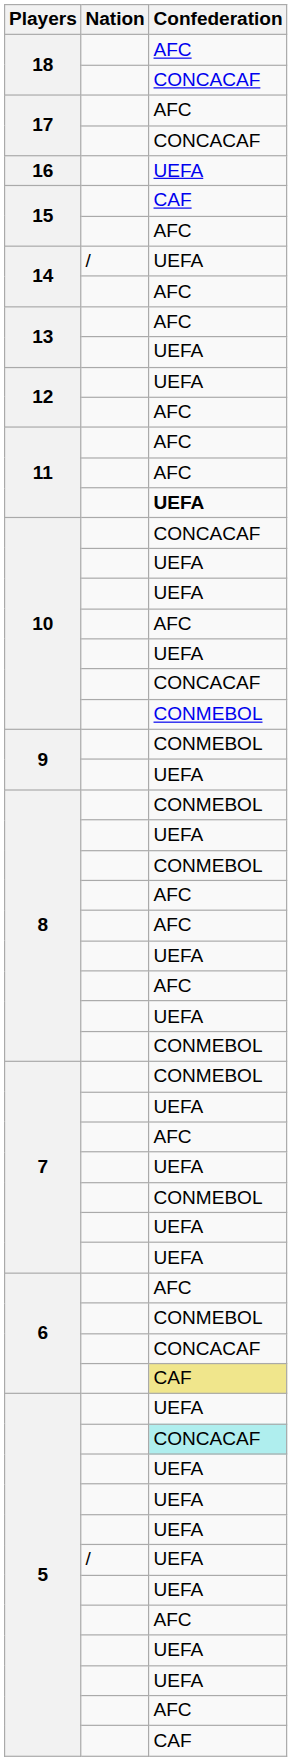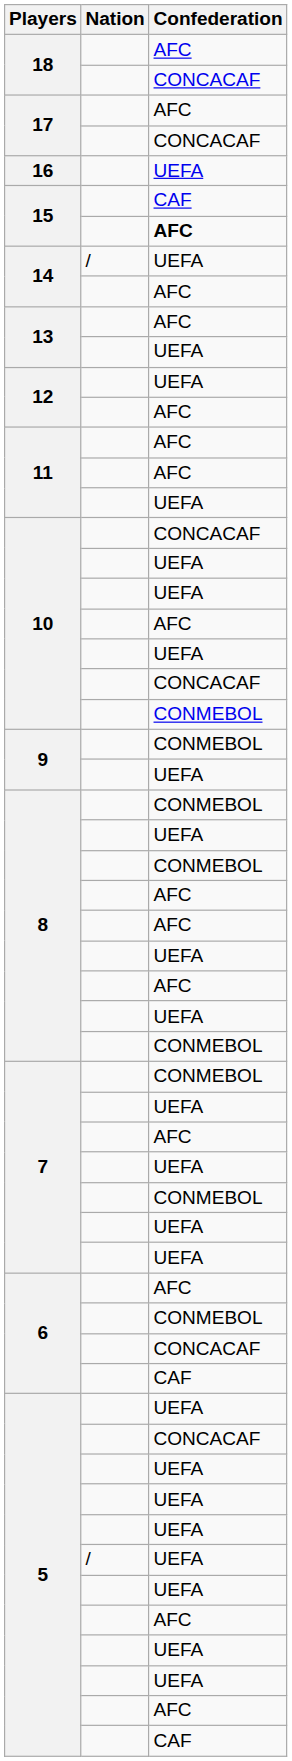 <table class="wikitable sortable sticky-header">
 <tr>
 <th>Players</th>
 <th>Nation</th>
 <th>Confederation</th>
 </tr>
 <tr>
 <th rowspan="2">18</th>
 <td></td>
 <td><a href='#'>AFC</a></td>
 </tr>
 <tr>
 <td></td>
 <td><a href='#'>CONCACAF</a></td>
 </tr>
 <tr>
 <th rowspan="2">17</th>
 <td></td>
 <td>AFC</td>
 </tr>
 <tr>
 <td></td>
 <td>CONCACAF</td>
 </tr>
 <tr>
 <th>16</th>
 <td></td>
 <td><a href='#'>UEFA</a></td>
 </tr>
 <tr>
 <th rowspan="2">15</th>
 <td></td>
 <td><a href='#'>CAF</a></td>
 </tr>
 <tr>
 <td></td>
-<td>AFC</td>
+<td><strong>AFC</strong></td>
 </tr>
 <tr>
 <th rowspan="2">14</th>
 <td> / </td>
 <td>UEFA</td>
 </tr>
 <tr>
 <td></td>
 <td>AFC</td>
 </tr>
 <tr>
 <th rowspan="2">13</th>
 <td></td>
 <td>AFC</td>
 </tr>
 <tr>
 <td></td>
 <td>UEFA</td>
 </tr>
 <tr>
 <th rowspan="2">12</th>
 <td></td>
 <td>UEFA</td>
 </tr>
 <tr>
 <td></td>
 <td>AFC</td>
 </tr>
 <tr>
 <th rowspan="3">11</th>
 <td></td>
 <td>AFC</td>
 </tr>
 <tr>
 <td></td>
 <td>AFC</td>
 </tr>
 <tr>
 <td></td>
-<td><strong>UEFA</strong></td>
+<td>UEFA</td>
 </tr>
 <tr>
 <th rowspan="7">10</th>
 <td></td>
 <td>CONCACAF</td>
 </tr>
 <tr>
 <td></td>
 <td>UEFA</td>
 </tr>
 <tr>
 <td></td>
 <td>UEFA</td>
 </tr>
 <tr>
 <td></td>
 <td>AFC</td>
 </tr>
 <tr>
 <td></td>
 <td>UEFA</td>
 </tr>
 <tr>
 <td></td>
 <td>CONCACAF</td>
 </tr>
 <tr>
 <td></td>
 <td><a href='#'>CONMEBOL</a></td>
 </tr>
 <tr>
 <th rowspan="2">9</th>
 <td></td>
 <td>CONMEBOL</td>
 </tr>
 <tr>
 <td></td>
 <td>UEFA</td>
 </tr>
 <tr>
 <th rowspan="9">8</th>
 <td></td>
 <td>CONMEBOL</td>
 </tr>
 <tr>
 <td></td>
 <td>UEFA</td>
 </tr>
 <tr>
 <td></td>
 <td>CONMEBOL</td>
 </tr>
 <tr>
 <td></td>
 <td>AFC</td>
 </tr>
 <tr>
 <td></td>
 <td>AFC</td>
 </tr>
 <tr>
 <td></td>
 <td>UEFA</td>
 </tr>
 <tr>
 <td></td>
 <td>AFC</td>
 </tr>
 <tr>
 <td></td>
 <td>UEFA</td>
 </tr>
 <tr>
 <td></td>
 <td>CONMEBOL</td>
 </tr>
 <tr>
 <th rowspan="7">7</th>
 <td></td>
 <td>CONMEBOL</td>
 </tr>
 <tr>
 <td></td>
 <td>UEFA</td>
 </tr>
 <tr>
 <td></td>
 <td>AFC</td>
 </tr>
 <tr>
 <td></td>
 <td>UEFA</td>
 </tr>
 <tr>
 <td></td>
 <td>CONMEBOL</td>
 </tr>
 <tr>
 <td></td>
 <td>UEFA</td>
 </tr>
 <tr>
 <td></td>
 <td>UEFA</td>
 </tr>
 <tr>
 <th rowspan="4">6</th>
 <td></td>
 <td>AFC</td>
 </tr>
 <tr>
 <td></td>
 <td>CONMEBOL</td>
 </tr>
 <tr>
 <td></td>
 <td>CONCACAF</td>
 </tr>
 <tr>
 <td></td>
-<td style="background: khaki;">CAF</td>
+<td>CAF</td>
 </tr>
 <tr>
 <th rowspan="12">5</th>
 <td></td>
 <td>UEFA</td>
 </tr>
 <tr>
 <td></td>
-<td style="background: paleturquoise;">CONCACAF</td>
+<td>CONCACAF</td>
 </tr>
 <tr>
 <td></td>
 <td>UEFA</td>
 </tr>
 <tr>
 <td></td>
 <td>UEFA</td>
 </tr>
 <tr>
 <td></td>
 <td>UEFA</td>
 </tr>
 <tr>
 <td> / </td>
 <td>UEFA</td>
 </tr>
 <tr>
 <td></td>
 <td>UEFA</td>
 </tr>
 <tr>
 <td></td>
 <td>AFC</td>
 </tr>
 <tr>
 <td></td>
 <td>UEFA</td>
 </tr>
 <tr>
 <td></td>
 <td>UEFA</td>
 </tr>
 <tr>
 <td></td>
 <td>AFC</td>
 </tr>
 <tr>
 <td></td>
 <td>CAF</td>
 </tr>
 </table>
